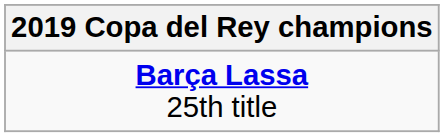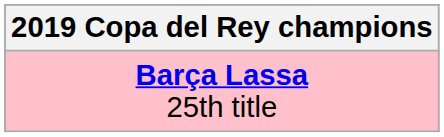 <table class=wikitable style="text-align:center; margin:auto">
 <tr>
 <th>2019 Copa del Rey champions</th>
 </tr>
 <tr>
-<td><strong><a href='#'>Barça Lassa</a></strong><br>25th title</td>
+<td style="background: pink;"><strong><a href='#'>Barça Lassa</a></strong><br>25th title</td>
 </tr>
 </table>
